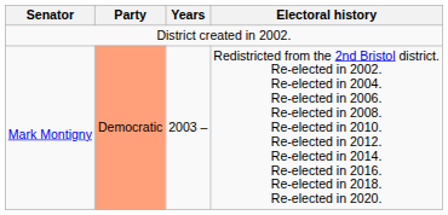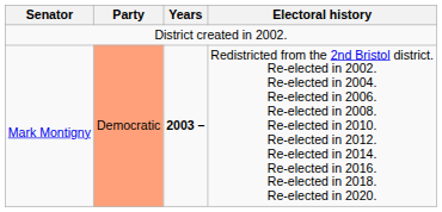 <table class=wikitable style="text-align:center">
 <tr>
 <th>Senator</th>
 <th>Party</th>
 <th>Years</th>
 <th>Electoral history</th>
 </tr>
 <tr>
 <td colspan=4>District created in 2002.</td>
 </tr>
 <tr>
 <td align=left nowrap><br><a href='#'>Mark Montigny</a></td>
 <td style="background: lightsalmon;">Democratic</td>
-<td>2003 –<br></td>
+<td><strong>2003 –<br></strong></td>
 <td>Redistricted from the <a href='#'>2nd Bristol</a> district.<br>Re-elected in 2002.<br>Re-elected in 2004.<br>Re-elected in 2006.<br>Re-elected in 2008.<br>Re-elected in 2010.<br>Re-elected in 2012.<br>Re-elected in 2014.<br>Re-elected in 2016.<br>Re-elected in 2018.<br>Re-elected in 2020.</td>
 </tr>
 </table>
